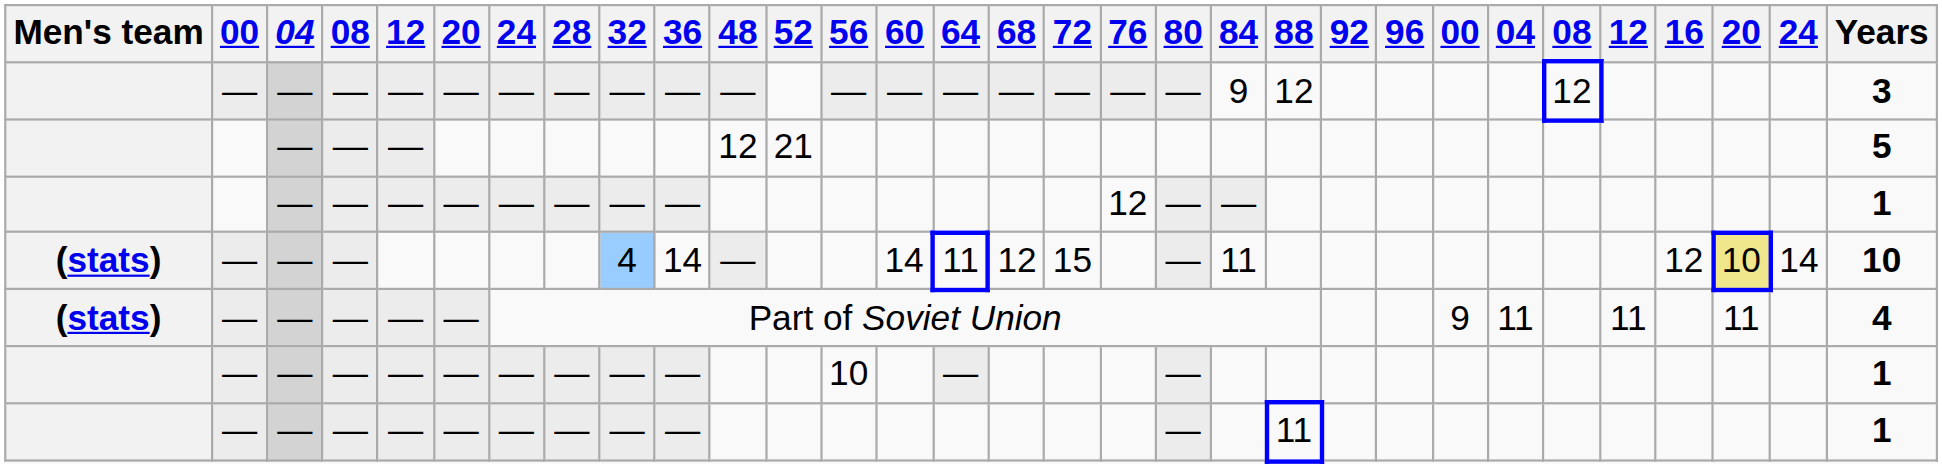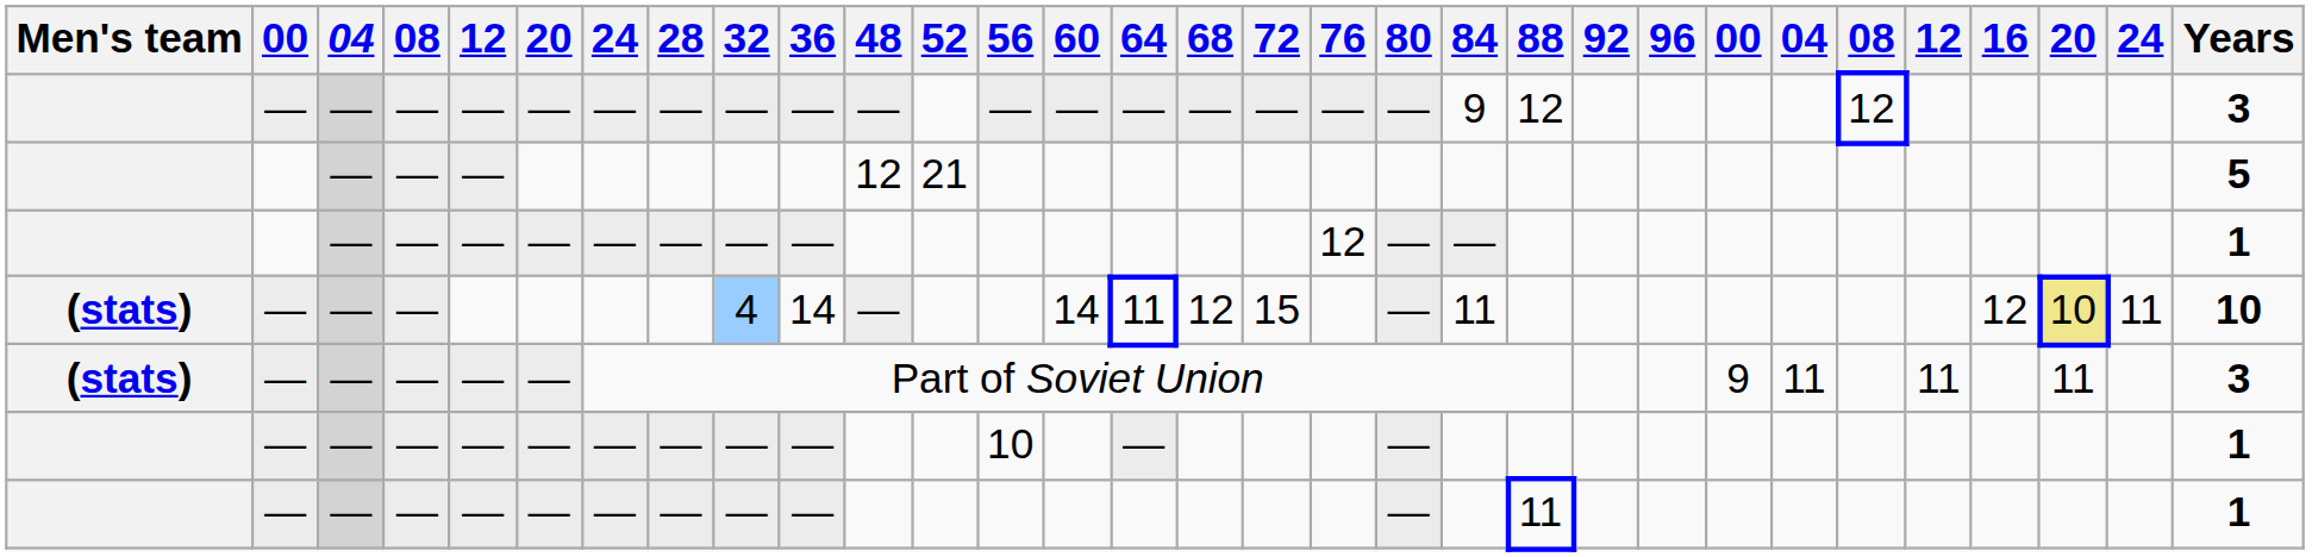 <table class="wikitable plainrowheaders sticky-header" style="text-align: center; margin-left: 1em;">
 <tr>
 <th scope="col">Men's team</th>
 <th scope="col"><a href='#'>00</a></th>
 <th scope="col"><em><a href='#'>04</a></em></th>
 <th scope="col"><a href='#'>08</a></th>
 <th scope="col"><a href='#'>12</a></th>
 <th scope="col"><a href='#'>20</a></th>
 <th scope="col"><a href='#'>24</a></th>
 <th scope="col"><a href='#'>28</a></th>
 <th scope="col"><a href='#'>32</a></th>
 <th scope="col"><a href='#'>36</a></th>
 <th scope="col"><a href='#'>48</a></th>
 <th scope="col"><a href='#'>52</a></th>
 <th scope="col"><a href='#'>56</a></th>
 <th scope="col"><a href='#'>60</a></th>
 <th scope="col"><a href='#'>64</a></th>
 <th scope="col"><a href='#'>68</a></th>
 <th scope="col"><a href='#'>72</a></th>
 <th scope="col"><a href='#'>76</a></th>
 <th scope="col"><a href='#'>80</a></th>
 <th scope="col"><a href='#'>84</a></th>
 <th scope="col"><a href='#'>88</a></th>
 <th scope="col"><a href='#'>92</a></th>
 <th scope="col"><a href='#'>96</a></th>
 <th scope="col"><a href='#'>00</a></th>
 <th scope="col"><a href='#'>04</a></th>
 <th scope="col"><a href='#'>08</a></th>
 <th scope="col"><a href='#'>12</a></th>
 <th scope="col"><a href='#'>16</a></th>
 <th scope="col"><a href='#'>20</a></th>
 <th scope="col"><a href='#'>24</a></th>
 <th scope="col">Years</th>
 </tr>
 <tr>
 <th scope="row"></th>
 <td style="background-color: #ececec;">—</td>
 <td style="background-color: lightgray;">—</td>
 <td style="background-color: #ececec;">—</td>
 <td style="background-color: #ececec;">—</td>
 <td style="background-color: #ececec;">—</td>
 <td style="background-color: #ececec;">—</td>
 <td style="background-color: #ececec;">—</td>
 <td style="background-color: #ececec;">—</td>
 <td style="background-color: #ececec;">—</td>
 <td style="background-color: #ececec;">—</td>
 <td></td>
 <td style="background-color: #ececec;">—</td>
 <td style="background-color: #ececec;">—</td>
 <td style="background-color: #ececec;">—</td>
 <td style="background-color: #ececec;">—</td>
 <td style="background-color: #ececec;">—</td>
 <td style="background-color: #ececec;">—</td>
 <td style="background-color: #ececec;">—</td>
 <td>9</td>
 <td>12</td>
 <td></td>
 <td></td>
 <td></td>
 <td></td>
 <td style="border: 2px solid blue;">12</td>
 <td></td>
 <td></td>
 <td></td>
 <td></td>
 <td><strong>3</strong></td>
 </tr>
 <tr>
 <th scope="row"></th>
 <td></td>
 <td style="background-color: lightgray;">—</td>
 <td style="background-color: #ececec;">—</td>
 <td style="background-color: #ececec;">—</td>
 <td></td>
 <td></td>
 <td></td>
 <td></td>
 <td></td>
 <td>12</td>
 <td>21</td>
 <td></td>
 <td></td>
 <td></td>
 <td></td>
 <td></td>
 <td></td>
 <td></td>
 <td></td>
 <td></td>
 <td></td>
 <td></td>
 <td></td>
 <td></td>
 <td></td>
 <td></td>
 <td></td>
 <td></td>
 <td></td>
 <td><strong>5</strong></td>
 </tr>
 <tr>
 <th scope="row"></th>
 <td></td>
 <td style="background-color: lightgray;">—</td>
 <td style="background-color: #ececec;">—</td>
 <td style="background-color: #ececec;">—</td>
 <td style="background-color: #ececec;">—</td>
 <td style="background-color: #ececec;">—</td>
 <td style="background-color: #ececec;">—</td>
 <td style="background-color: #ececec;">—</td>
 <td style="background-color: #ececec;">—</td>
 <td></td>
 <td></td>
 <td></td>
 <td></td>
 <td></td>
 <td></td>
 <td></td>
 <td>12</td>
 <td style="background-color: #ececec;">—</td>
 <td style="background-color: #ececec;">—</td>
 <td></td>
 <td></td>
 <td></td>
 <td></td>
 <td></td>
 <td></td>
 <td></td>
 <td></td>
 <td></td>
 <td></td>
 <td><strong>1</strong></td>
 </tr>
 <tr>
 <th scope="row"> (<a href='#'>stats</a>)</th>
 <td style="background-color: #ececec;">—</td>
 <td style="background-color: lightgray;">—</td>
 <td style="background-color: #ececec;">—</td>
 <td></td>
 <td></td>
 <td></td>
 <td></td>
 <td style="background-color: #9acdff;">4</td>
 <td>14</td>
 <td style="background-color: #ececec;">—</td>
 <td></td>
 <td></td>
 <td>14</td>
 <td style="border: 2px solid blue;">11</td>
 <td>12</td>
 <td>15</td>
 <td></td>
 <td style="background-color: #ececec;">—</td>
 <td>11</td>
 <td></td>
 <td></td>
 <td></td>
 <td></td>
 <td></td>
 <td></td>
 <td></td>
 <td>12</td>
 <td style="background: khaki; border: 2px solid blue;">10</td>
-<td>14</td>
+<td>11</td>
 <td><strong>10</strong></td>
 </tr>
 <tr>
 <th scope="row"> (<a href='#'>stats</a>)</th>
 <td style="background-color: #ececec;">—</td>
 <td style="background-color: lightgray;">—</td>
 <td style="background-color: #ececec;">—</td>
 <td style="background-color: #ececec;">—</td>
 <td style="background-color: #ececec;">—</td>
 <td colspan="15">Part of <em>Soviet Union</em></td>
 <td></td>
 <td></td>
 <td>9</td>
 <td>11</td>
 <td></td>
 <td>11</td>
 <td></td>
 <td>11</td>
 <td></td>
-<td><strong>4</strong></td>
+<td><strong>3</strong></td>
 </tr>
 <tr>
 <th scope="row"></th>
 <td style="background-color: #ececec;">—</td>
 <td style="background-color: lightgray;">—</td>
 <td style="background-color: #ececec;">—</td>
 <td style="background-color: #ececec;">—</td>
 <td style="background-color: #ececec;">—</td>
 <td style="background-color: #ececec;">—</td>
 <td style="background-color: #ececec;">—</td>
 <td style="background-color: #ececec;">—</td>
 <td style="background-color: #ececec;">—</td>
 <td></td>
 <td></td>
 <td>10</td>
 <td></td>
 <td style="background-color: #ececec;">—</td>
 <td></td>
 <td></td>
 <td></td>
 <td style="background-color: #ececec;">—</td>
 <td></td>
 <td></td>
 <td></td>
 <td></td>
 <td></td>
 <td></td>
 <td></td>
 <td></td>
 <td></td>
 <td></td>
 <td></td>
 <td><strong>1</strong></td>
 </tr>
 <tr>
 <th scope="row"></th>
 <td style="background-color: #ececec;">—</td>
 <td style="background-color: lightgray;">—</td>
 <td style="background-color: #ececec;">—</td>
 <td style="background-color: #ececec;">—</td>
 <td style="background-color: #ececec;">—</td>
 <td style="background-color: #ececec;">—</td>
 <td style="background-color: #ececec;">—</td>
 <td style="background-color: #ececec;">—</td>
 <td style="background-color: #ececec;">—</td>
 <td></td>
 <td></td>
 <td></td>
 <td></td>
 <td></td>
 <td></td>
 <td></td>
 <td></td>
 <td style="background-color: #ececec;">—</td>
 <td></td>
 <td style="border: 2px solid blue;">11</td>
 <td></td>
 <td></td>
 <td></td>
 <td></td>
 <td></td>
 <td></td>
 <td></td>
 <td></td>
 <td></td>
 <td><strong>1</strong></td>
 </tr>
 </table>
